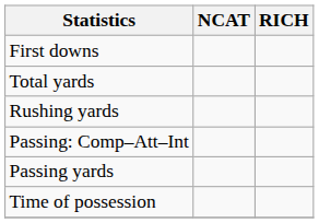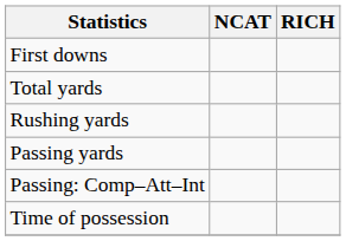 <table class="wikitable" style="float: left;">
 <tr>
 <th>Statistics</th>
 <th>NCAT</th>
 <th>RICH</th>
 </tr>
 <tr>
 <td>First downs</td>
 <td></td>
 <td></td>
 </tr>
 <tr>
 <td>Total yards</td>
 <td></td>
 <td></td>
 </tr>
 <tr>
 <td>Rushing yards</td>
 <td></td>
 <td></td>
 </tr>
 <tr>
-<td>Passing: Comp–Att–Int</td>
+<td>Passing yards</td>
 <td></td>
 <td></td>
 </tr>
 <tr>
-<td>Passing yards</td>
+<td>Passing: Comp–Att–Int</td>
 <td></td>
 <td></td>
 </tr>
 <tr>
 <td>Time of possession</td>
 <td></td>
 <td></td>
 </tr>
 <tr>
 </tr>
 </table>
